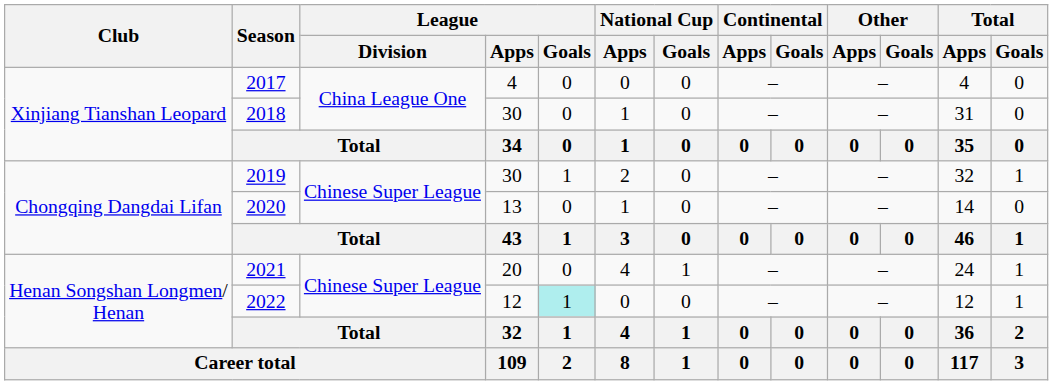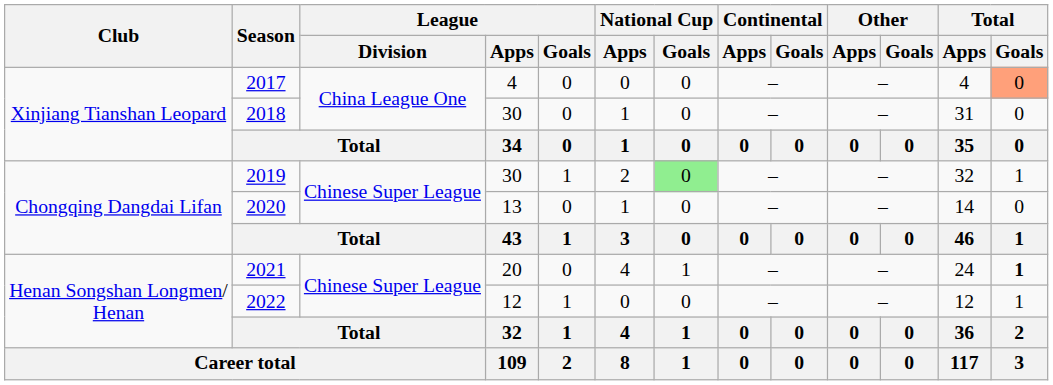 <table class="wikitable" style="text-align: center">
 <tr>
 <th rowspan="2">Club</th>
 <th rowspan="2">Season</th>
 <th colspan="3">League</th>
 <th colspan="2">National Cup</th>
 <th colspan="2">Continental</th>
 <th colspan="2">Other</th>
 <th colspan="2">Total</th>
 </tr>
 <tr>
 <th>Division</th>
 <th>Apps</th>
 <th>Goals</th>
 <th>Apps</th>
 <th>Goals</th>
 <th>Apps</th>
 <th>Goals</th>
 <th>Apps</th>
 <th>Goals</th>
 <th>Apps</th>
 <th>Goals</th>
 </tr>
 <tr>
 <td rowspan="3"><a href='#'>Xinjiang Tianshan Leopard</a></td>
 <td><a href='#'>2017</a></td>
 <td rowspan="2"><a href='#'>China League One</a></td>
 <td>4</td>
 <td>0</td>
 <td>0</td>
 <td>0</td>
 <td colspan="2">–</td>
 <td colspan="2">–</td>
 <td>4</td>
-<td>0</td>
+<td style="background: lightsalmon;">0</td>
 </tr>
 <tr>
 <td><a href='#'>2018</a></td>
 <td>30</td>
 <td>0</td>
 <td>1</td>
 <td>0</td>
 <td colspan="2">–</td>
 <td colspan="2">–</td>
 <td>31</td>
 <td>0</td>
 </tr>
 <tr>
 <th colspan="2">Total</th>
 <th>34</th>
 <th>0</th>
 <th>1</th>
 <th>0</th>
 <th>0</th>
 <th>0</th>
 <th>0</th>
 <th>0</th>
 <th>35</th>
 <th>0</th>
 </tr>
 <tr>
 <td rowspan=3><a href='#'>Chongqing Dangdai Lifan</a></td>
 <td><a href='#'>2019</a></td>
 <td rowspan=2><a href='#'>Chinese Super League</a></td>
 <td>30</td>
 <td>1</td>
 <td>2</td>
-<td>0</td>
+<td style="background: lightgreen;">0</td>
 <td colspan="2">–</td>
 <td colspan="2">–</td>
 <td>32</td>
 <td>1</td>
 </tr>
 <tr>
 <td><a href='#'>2020</a></td>
 <td>13</td>
 <td>0</td>
 <td>1</td>
 <td>0</td>
 <td colspan="2">–</td>
 <td colspan="2">–</td>
 <td>14</td>
 <td>0</td>
 </tr>
 <tr>
 <th colspan="2">Total</th>
 <th>43</th>
 <th>1</th>
 <th>3</th>
 <th>0</th>
 <th>0</th>
 <th>0</th>
 <th>0</th>
 <th>0</th>
 <th>46</th>
 <th>1</th>
 </tr>
 <tr>
 <td rowspan=3><a href='#'>Henan Songshan Longmen</a>/<br><a href='#'>Henan</a></td>
 <td><a href='#'>2021</a></td>
 <td rowspan=2><a href='#'>Chinese Super League</a></td>
 <td>20</td>
 <td>0</td>
 <td>4</td>
 <td>1</td>
 <td colspan="2">–</td>
 <td colspan="2">–</td>
 <td>24</td>
-<td>1</td>
+<td><strong>1</strong></td>
 </tr>
 <tr>
 <td><a href='#'>2022</a></td>
 <td>12</td>
-<td style="background: paleturquoise;">1</td>
+<td>1</td>
 <td>0</td>
 <td>0</td>
 <td colspan="2">–</td>
 <td colspan="2">–</td>
 <td>12</td>
 <td>1</td>
 </tr>
 <tr>
 <th colspan="2">Total</th>
 <th>32</th>
 <th>1</th>
 <th>4</th>
 <th>1</th>
 <th>0</th>
 <th>0</th>
 <th>0</th>
 <th>0</th>
 <th>36</th>
 <th>2</th>
 </tr>
 <tr>
 <th colspan=3>Career total</th>
 <th>109</th>
 <th>2</th>
 <th>8</th>
 <th>1</th>
 <th>0</th>
 <th>0</th>
 <th>0</th>
 <th>0</th>
 <th>117</th>
 <th>3</th>
 </tr>
 </table>
